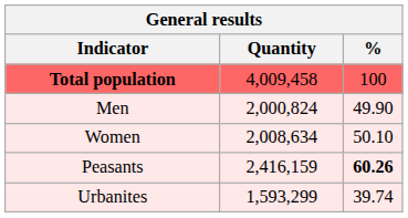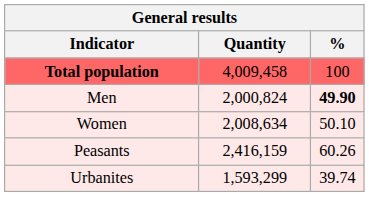 <table class="wikitable" id="cx9" style="text-align:center;clear:all; margin-right:8px; font-size:85%;" width="24%">
 <tr>
 <th colspan="8">General results</th>
 </tr>
 <tr>
 <th width="35%">Indicator</th>
 <th width="20%">Quantity</th>
 <th width="5%">%</th>
 </tr>
 <tr bgcolor="#FF6666">
 <td><strong>Total population</strong></td>
 <td align="center">4,009,458</td>
 <td align="center">100</td>
 </tr>
 <tr bgcolor="#FFE8E8">
 <td>Men</td>
 <td align="center">2,000,824</td>
-<td align="center">49.90</td>
+<td align="center"><strong>49.90</strong></td>
 </tr>
 <tr bgcolor="#FFE8E8">
 <td>Women</td>
 <td align="center">2,008,634</td>
 <td align="center">50.10</td>
 </tr>
 <tr bgcolor="#FFE8E8">
 <td>Peasants</td>
 <td align="center">2,416,159</td>
-<td align="center"><strong>60.26</strong></td>
+<td align="center">60.26</td>
 </tr>
 <tr bgcolor="#FFE8E8">
 <td>Urbanites</td>
 <td align="center">1,593,299</td>
 <td align="center">39.74</td>
 </tr>
 </table>
